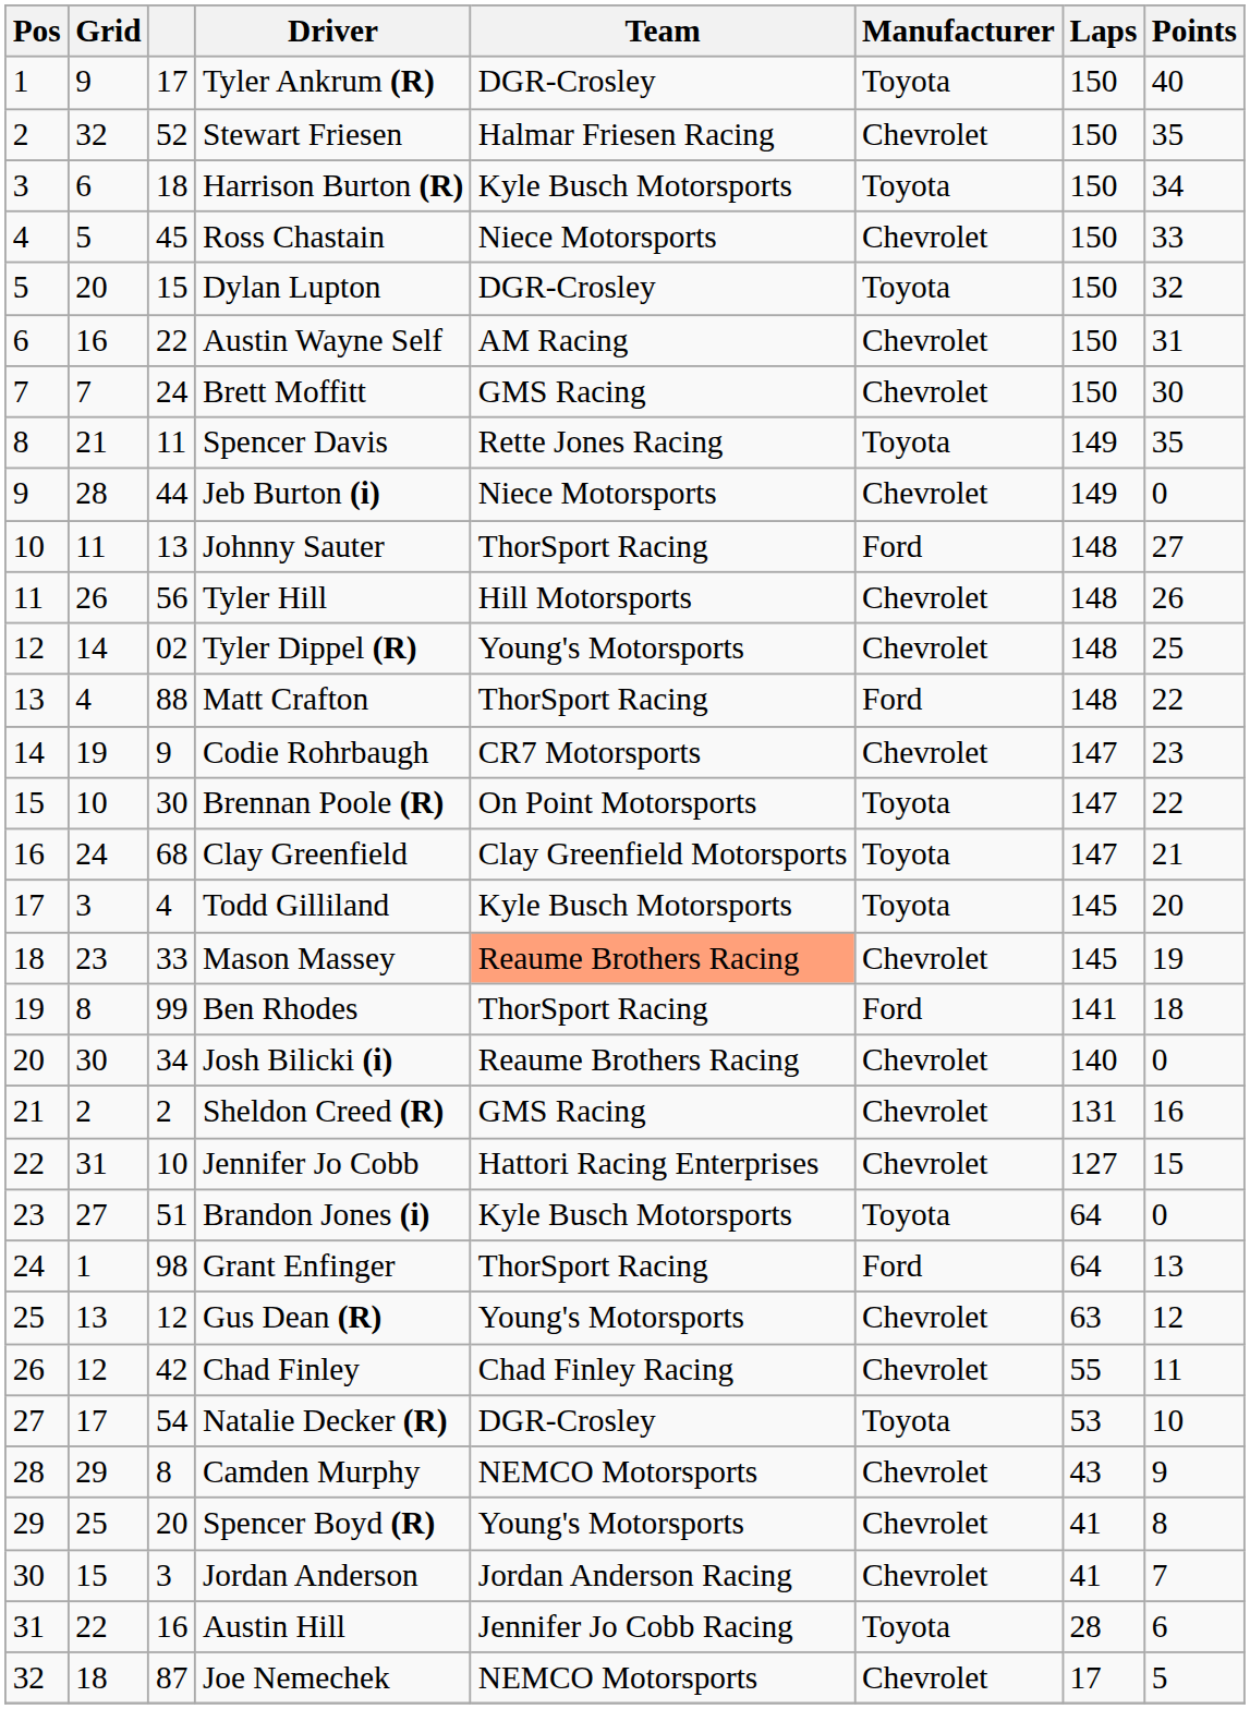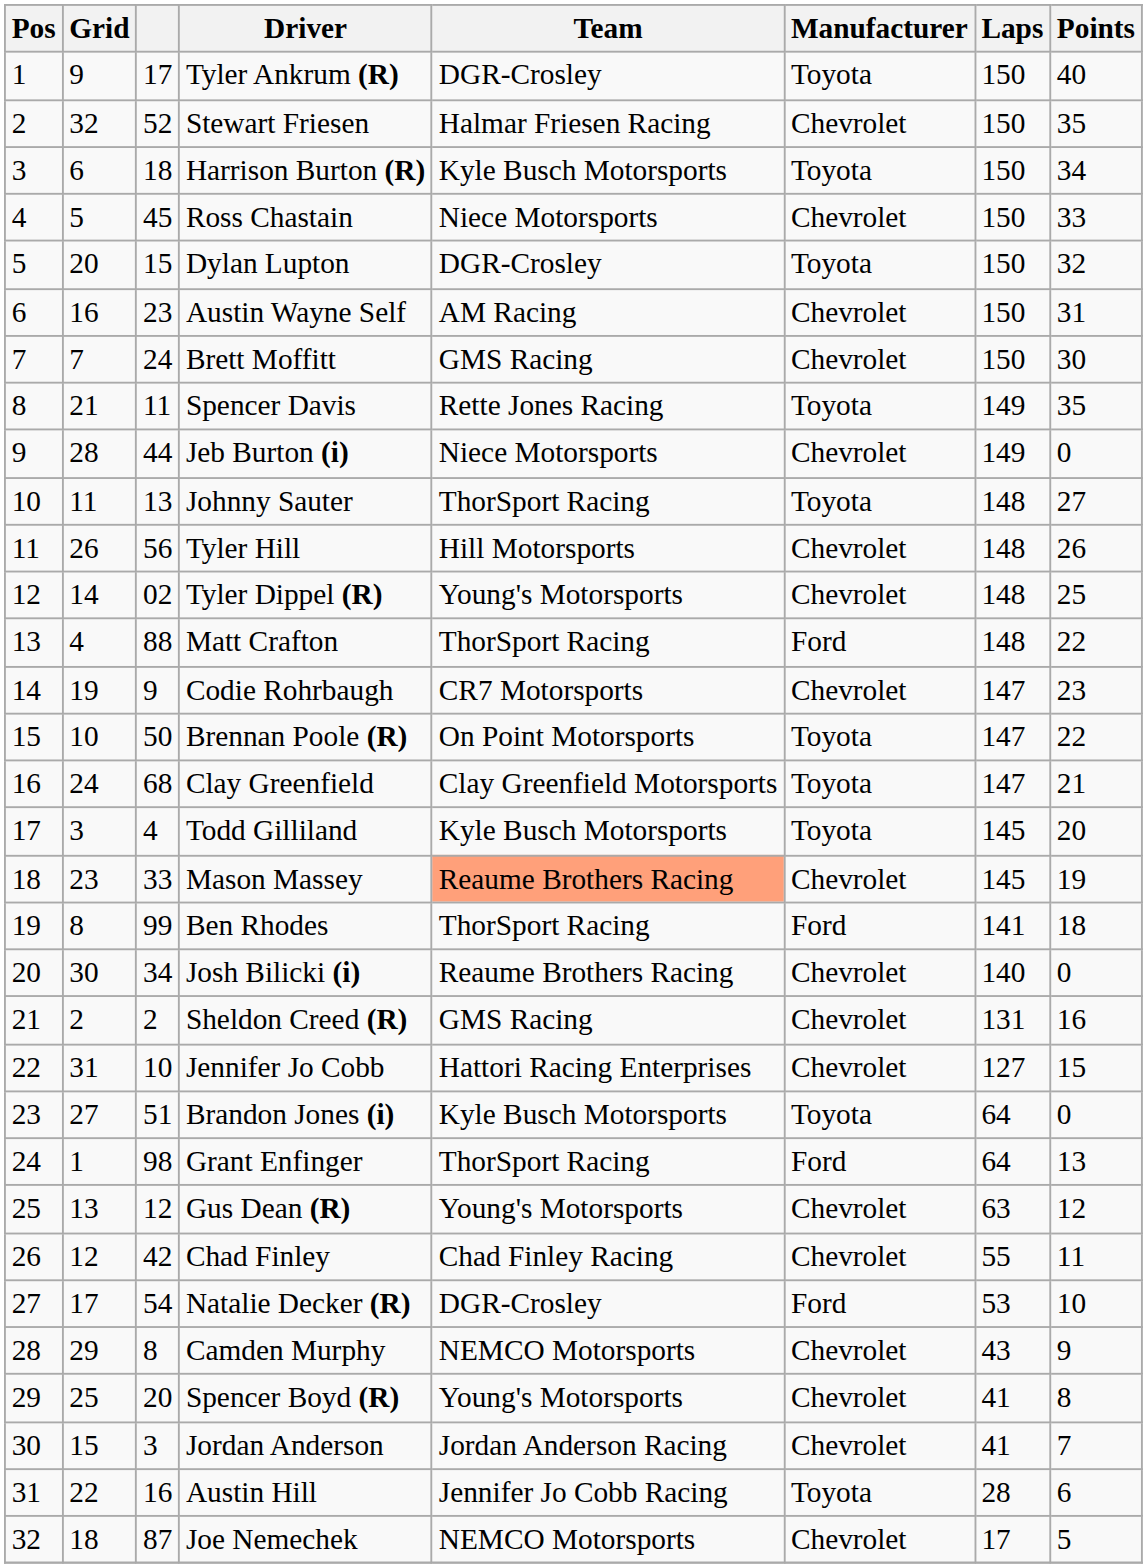 <table class="wikitable" style="font-size:98%">
 <tr>
 <th>Pos</th>
 <th>Grid</th>
 <th></th>
 <th>Driver</th>
 <th>Team</th>
 <th>Manufacturer</th>
 <th>Laps</th>
 <th>Points</th>
 </tr>
 <tr>
 <td>1</td>
 <td>9</td>
 <td>17</td>
 <td>Tyler Ankrum <strong>(R)</strong></td>
 <td>DGR-Crosley</td>
 <td>Toyota</td>
 <td>150</td>
 <td>40</td>
 </tr>
 <tr>
 <td>2</td>
 <td>32</td>
 <td>52</td>
 <td>Stewart Friesen</td>
 <td>Halmar Friesen Racing</td>
 <td>Chevrolet</td>
 <td>150</td>
 <td>35</td>
 </tr>
 <tr>
 <td>3</td>
 <td>6</td>
 <td>18</td>
 <td>Harrison Burton <strong>(R)</strong></td>
 <td>Kyle Busch Motorsports</td>
 <td>Toyota</td>
 <td>150</td>
 <td>34</td>
 </tr>
 <tr>
 <td>4</td>
 <td>5</td>
 <td>45</td>
 <td>Ross Chastain</td>
 <td>Niece Motorsports</td>
 <td>Chevrolet</td>
 <td>150</td>
 <td>33</td>
 </tr>
 <tr>
 <td>5</td>
 <td>20</td>
 <td>15</td>
 <td>Dylan Lupton</td>
 <td>DGR-Crosley</td>
 <td>Toyota</td>
 <td>150</td>
 <td>32</td>
 </tr>
 <tr>
 <td>6</td>
 <td>16</td>
-<td>22</td>
+<td>23</td>
 <td>Austin Wayne Self</td>
 <td>AM Racing</td>
 <td>Chevrolet</td>
 <td>150</td>
 <td>31</td>
 </tr>
 <tr>
 <td>7</td>
 <td>7</td>
 <td>24</td>
 <td>Brett Moffitt</td>
 <td>GMS Racing</td>
 <td>Chevrolet</td>
 <td>150</td>
 <td>30</td>
 </tr>
 <tr>
 <td>8</td>
 <td>21</td>
 <td>11</td>
 <td>Spencer Davis</td>
 <td>Rette Jones Racing</td>
 <td>Toyota</td>
 <td>149</td>
 <td>35</td>
 </tr>
 <tr>
 <td>9</td>
 <td>28</td>
 <td>44</td>
 <td>Jeb Burton <strong>(i)</strong></td>
 <td>Niece Motorsports</td>
 <td>Chevrolet</td>
 <td>149</td>
 <td>0</td>
 </tr>
 <tr>
 <td>10</td>
 <td>11</td>
 <td>13</td>
 <td>Johnny Sauter</td>
 <td>ThorSport Racing</td>
-<td>Ford</td>
+<td>Toyota</td>
 <td>148</td>
 <td>27</td>
 </tr>
 <tr>
 <td>11</td>
 <td>26</td>
 <td>56</td>
 <td>Tyler Hill</td>
 <td>Hill Motorsports</td>
 <td>Chevrolet</td>
 <td>148</td>
 <td>26</td>
 </tr>
 <tr>
 <td>12</td>
 <td>14</td>
 <td>02</td>
 <td>Tyler Dippel <strong>(R)</strong></td>
 <td>Young's Motorsports</td>
 <td>Chevrolet</td>
 <td>148</td>
 <td>25</td>
 </tr>
 <tr>
 <td>13</td>
 <td>4</td>
 <td>88</td>
 <td>Matt Crafton</td>
 <td>ThorSport Racing</td>
 <td>Ford</td>
 <td>148</td>
 <td>22</td>
 </tr>
 <tr>
 <td>14</td>
 <td>19</td>
 <td>9</td>
 <td>Codie Rohrbaugh</td>
 <td>CR7 Motorsports</td>
 <td>Chevrolet</td>
 <td>147</td>
 <td>23</td>
 </tr>
 <tr>
 <td>15</td>
 <td>10</td>
-<td>30</td>
+<td>50</td>
 <td>Brennan Poole <strong>(R)</strong></td>
 <td>On Point Motorsports</td>
 <td>Toyota</td>
 <td>147</td>
 <td>22</td>
 </tr>
 <tr>
 <td>16</td>
 <td>24</td>
 <td>68</td>
 <td>Clay Greenfield</td>
 <td>Clay Greenfield Motorsports</td>
 <td>Toyota</td>
 <td>147</td>
 <td>21</td>
 </tr>
 <tr>
 <td>17</td>
 <td>3</td>
 <td>4</td>
 <td>Todd Gilliland</td>
 <td>Kyle Busch Motorsports</td>
 <td>Toyota</td>
 <td>145</td>
 <td>20</td>
 </tr>
 <tr>
 <td>18</td>
 <td>23</td>
 <td>33</td>
 <td>Mason Massey</td>
 <td style="background: lightsalmon;">Reaume Brothers Racing</td>
 <td>Chevrolet</td>
 <td>145</td>
 <td>19</td>
 </tr>
 <tr>
 <td>19</td>
 <td>8</td>
 <td>99</td>
 <td>Ben Rhodes</td>
 <td>ThorSport Racing</td>
 <td>Ford</td>
 <td>141</td>
 <td>18</td>
 </tr>
 <tr>
 <td>20</td>
 <td>30</td>
 <td>34</td>
 <td>Josh Bilicki <strong>(i)</strong></td>
 <td>Reaume Brothers Racing</td>
 <td>Chevrolet</td>
 <td>140</td>
 <td>0</td>
 </tr>
 <tr>
 <td>21</td>
 <td>2</td>
 <td>2</td>
 <td>Sheldon Creed <strong>(R)</strong></td>
 <td>GMS Racing</td>
 <td>Chevrolet</td>
 <td>131</td>
 <td>16</td>
 </tr>
 <tr>
 <td>22</td>
 <td>31</td>
 <td>10</td>
 <td>Jennifer Jo Cobb</td>
 <td>Hattori Racing Enterprises</td>
 <td>Chevrolet</td>
 <td>127</td>
 <td>15</td>
 </tr>
 <tr>
 <td>23</td>
 <td>27</td>
 <td>51</td>
 <td>Brandon Jones <strong>(i)</strong></td>
 <td>Kyle Busch Motorsports</td>
 <td>Toyota</td>
 <td>64</td>
 <td>0</td>
 </tr>
 <tr>
 <td>24</td>
 <td>1</td>
 <td>98</td>
 <td>Grant Enfinger</td>
 <td>ThorSport Racing</td>
 <td>Ford</td>
 <td>64</td>
 <td>13</td>
 </tr>
 <tr>
 <td>25</td>
 <td>13</td>
 <td>12</td>
 <td>Gus Dean <strong>(R)</strong></td>
 <td>Young's Motorsports</td>
 <td>Chevrolet</td>
 <td>63</td>
 <td>12</td>
 </tr>
 <tr>
 <td>26</td>
 <td>12</td>
 <td>42</td>
 <td>Chad Finley</td>
 <td>Chad Finley Racing</td>
 <td>Chevrolet</td>
 <td>55</td>
 <td>11</td>
 </tr>
 <tr>
 <td>27</td>
 <td>17</td>
 <td>54</td>
 <td>Natalie Decker <strong>(R)</strong></td>
 <td>DGR-Crosley</td>
-<td>Toyota</td>
+<td>Ford</td>
 <td>53</td>
 <td>10</td>
 </tr>
 <tr>
 <td>28</td>
 <td>29</td>
 <td>8</td>
 <td>Camden Murphy</td>
 <td>NEMCO Motorsports</td>
 <td>Chevrolet</td>
 <td>43</td>
 <td>9</td>
 </tr>
 <tr>
 <td>29</td>
 <td>25</td>
 <td>20</td>
 <td>Spencer Boyd <strong>(R)</strong></td>
 <td>Young's Motorsports</td>
 <td>Chevrolet</td>
 <td>41</td>
 <td>8</td>
 </tr>
 <tr>
 <td>30</td>
 <td>15</td>
 <td>3</td>
 <td>Jordan Anderson</td>
 <td>Jordan Anderson Racing</td>
 <td>Chevrolet</td>
 <td>41</td>
 <td>7</td>
 </tr>
 <tr>
 <td>31</td>
 <td>22</td>
 <td>16</td>
 <td>Austin Hill</td>
 <td>Jennifer Jo Cobb Racing</td>
 <td>Toyota</td>
 <td>28</td>
 <td>6</td>
 </tr>
 <tr>
 <td>32</td>
 <td>18</td>
 <td>87</td>
 <td>Joe Nemechek</td>
 <td>NEMCO Motorsports</td>
 <td>Chevrolet</td>
 <td>17</td>
 <td>5</td>
 </tr>
 <tr>
 </tr>
 </table>
